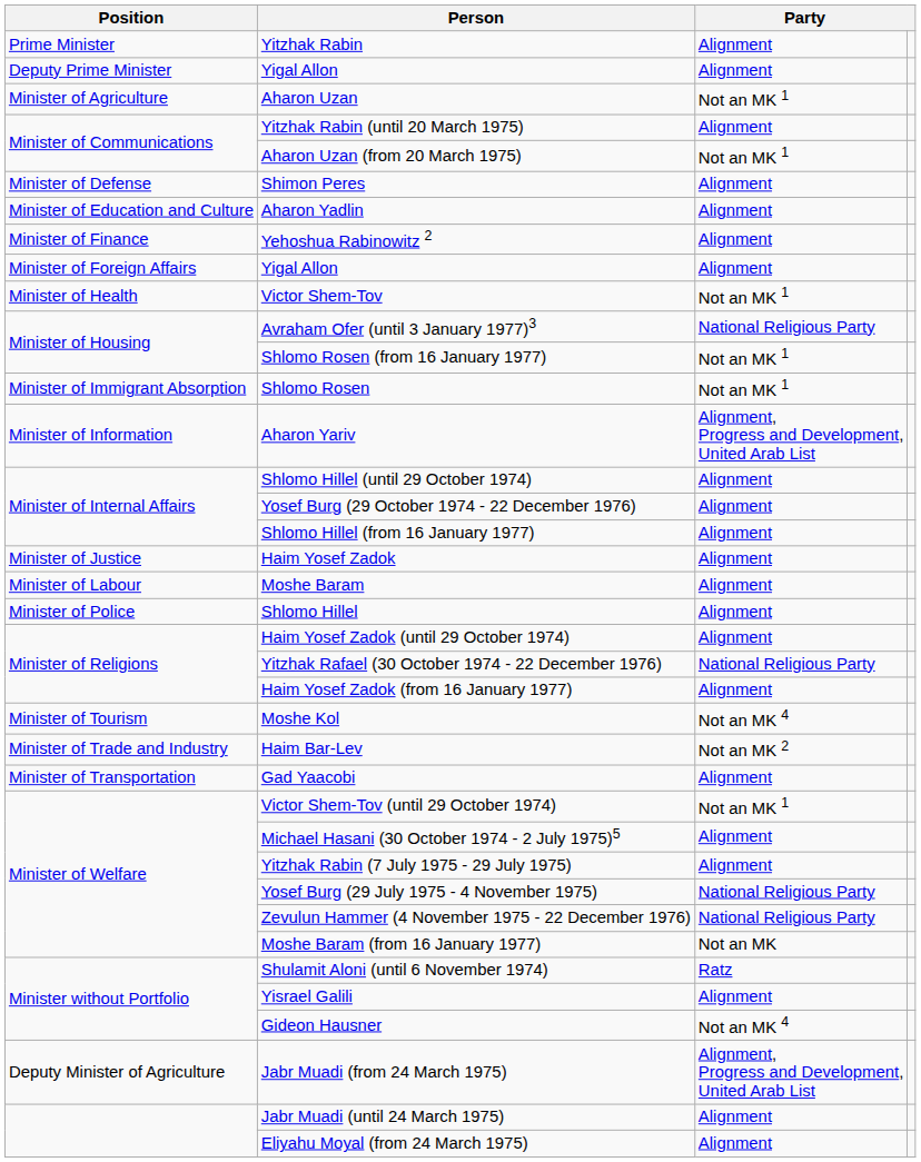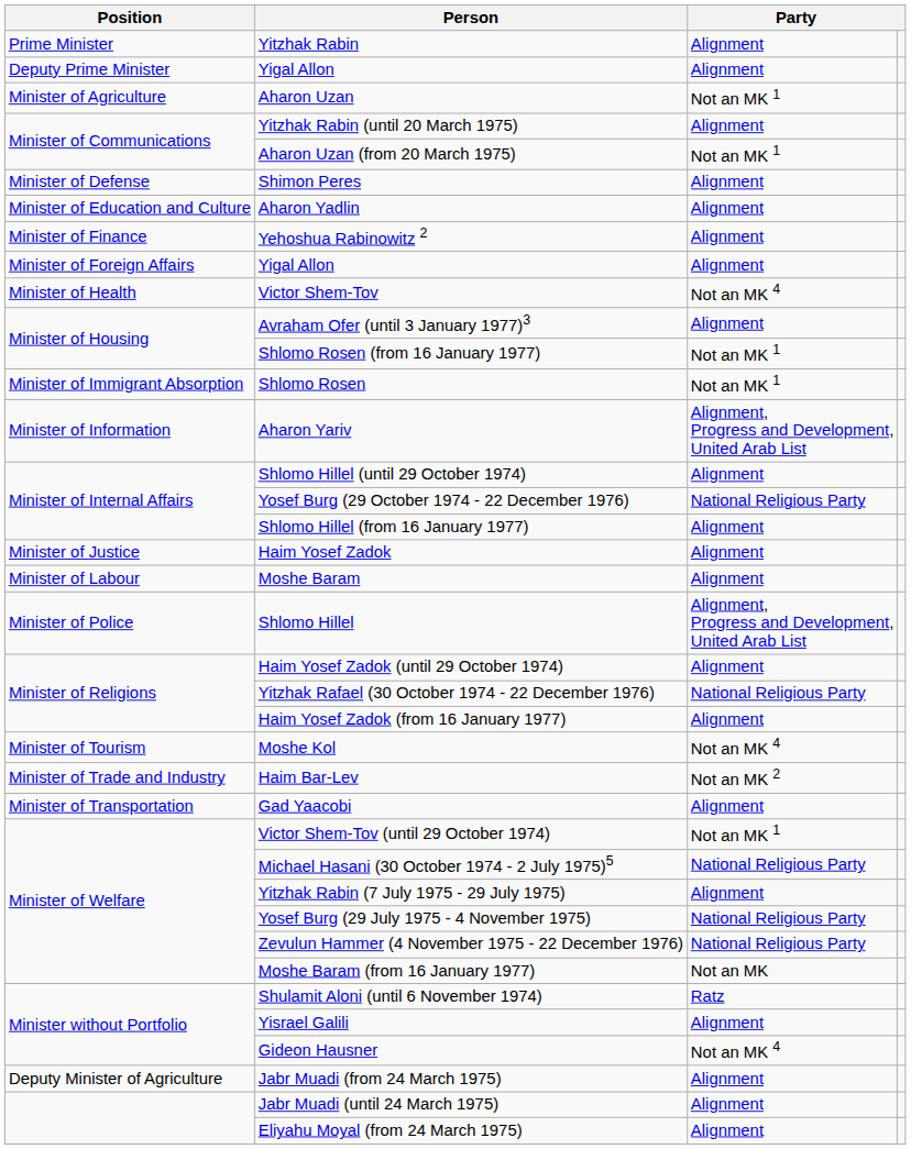 <table class=wikitable style="text-align:left">
 <tr>
 <th>Position</th>
 <th>Person</th>
 <th colspan=2>Party</th>
 </tr>
 <tr>
 <td><a href='#'>Prime Minister</a></td>
 <td><a href='#'>Yitzhak Rabin</a></td>
 <td><a href='#'>Alignment</a></td>
 <td style="background:"></td>
 </tr>
 <tr>
 <td><a href='#'>Deputy Prime Minister</a></td>
 <td><a href='#'>Yigal Allon</a></td>
 <td><a href='#'>Alignment</a></td>
 <td style="background:"></td>
 </tr>
 <tr>
 <td><a href='#'>Minister of Agriculture</a></td>
 <td><a href='#'>Aharon Uzan</a></td>
 <td>Not an MK <sup>1</sup></td>
 <td style="background:"></td>
 </tr>
 <tr>
 <td rowspan=2><a href='#'>Minister of Communications</a></td>
 <td><a href='#'>Yitzhak Rabin</a> (until 20 March 1975)</td>
 <td><a href='#'>Alignment</a></td>
 <td style="background:"></td>
 </tr>
 <tr>
 <td><a href='#'>Aharon Uzan</a> (from 20 March 1975)</td>
 <td>Not an MK <sup>1</sup></td>
 <td style="background:"></td>
 </tr>
 <tr>
 <td><a href='#'>Minister of Defense</a></td>
 <td><a href='#'>Shimon Peres</a></td>
 <td><a href='#'>Alignment</a></td>
 <td style="background:"></td>
 </tr>
 <tr>
 <td><a href='#'>Minister of Education and Culture</a></td>
 <td><a href='#'>Aharon Yadlin</a></td>
 <td><a href='#'>Alignment</a></td>
 <td style="background:"></td>
 </tr>
 <tr>
 <td><a href='#'>Minister of Finance</a></td>
 <td><a href='#'>Yehoshua Rabinowitz</a> <sup>2</sup></td>
 <td><a href='#'>Alignment</a></td>
 <td style="background:"></td>
 </tr>
 <tr>
 <td><a href='#'>Minister of Foreign Affairs</a></td>
 <td><a href='#'>Yigal Allon</a></td>
 <td><a href='#'>Alignment</a></td>
 <td style="background:"></td>
 </tr>
 <tr>
 <td><a href='#'>Minister of Health</a></td>
 <td><a href='#'>Victor Shem-Tov</a></td>
-<td>Not an MK <sup>1</sup></td>
+<td>Not an MK <sup>4</sup></td>
 <td style="background:"></td>
 </tr>
 <tr>
 <td rowspan=2><a href='#'>Minister of Housing</a></td>
 <td><a href='#'>Avraham Ofer</a> (until 3 January 1977)<sup>3</sup></td>
-<td><a href='#'>National Religious Party</a></td>
+<td><a href='#'>Alignment</a></td>
 <td style="background:"></td>
 </tr>
 <tr>
 <td><a href='#'>Shlomo Rosen</a> (from 16 January 1977)</td>
 <td>Not an MK <sup>1</sup></td>
 <td style="background:"></td>
 </tr>
 <tr>
 <td><a href='#'>Minister of Immigrant Absorption</a></td>
 <td><a href='#'>Shlomo Rosen</a></td>
 <td>Not an MK <sup>1</sup></td>
 <td style="background:"></td>
 </tr>
 <tr>
 <td><a href='#'>Minister of Information</a></td>
 <td><a href='#'>Aharon Yariv</a></td>
 <td><a href='#'>Alignment</a>,<br><a href='#'>Progress and Development</a>,<br><a href='#'>United Arab List</a></td>
 <td style="background:"></td>
 </tr>
 <tr>
 <td rowspan=3><a href='#'>Minister of Internal Affairs</a></td>
 <td><a href='#'>Shlomo Hillel</a> (until 29 October 1974)</td>
 <td><a href='#'>Alignment</a></td>
 <td style="background:"></td>
 </tr>
 <tr>
 <td><a href='#'>Yosef Burg</a> (29 October 1974 - 22 December 1976)</td>
-<td><a href='#'>Alignment</a></td>
+<td><a href='#'>National Religious Party</a></td>
 <td style="background:"></td>
 </tr>
 <tr>
 <td><a href='#'>Shlomo Hillel</a> (from 16 January 1977)</td>
 <td><a href='#'>Alignment</a></td>
 <td style="background:"></td>
 </tr>
 <tr>
 <td><a href='#'>Minister of Justice</a></td>
 <td><a href='#'>Haim Yosef Zadok</a></td>
 <td><a href='#'>Alignment</a></td>
 <td style="background:"></td>
 </tr>
 <tr>
 <td><a href='#'>Minister of Labour</a></td>
 <td><a href='#'>Moshe Baram</a></td>
 <td><a href='#'>Alignment</a></td>
 <td style="background:"></td>
 </tr>
 <tr>
 <td><a href='#'>Minister of Police</a></td>
 <td><a href='#'>Shlomo Hillel</a></td>
-<td><a href='#'>Alignment</a></td>
+<td><a href='#'>Alignment</a>,<br><a href='#'>Progress and Development</a>,<br><a href='#'>United Arab List</a></td>
 <td style="background:"></td>
 </tr>
 <tr>
 <td rowspan=3><a href='#'>Minister of Religions</a></td>
 <td><a href='#'>Haim Yosef Zadok</a> (until 29 October 1974)</td>
 <td><a href='#'>Alignment</a></td>
 <td style="background:"></td>
 </tr>
 <tr>
 <td><a href='#'>Yitzhak Rafael</a> (30 October 1974 - 22 December 1976)</td>
 <td><a href='#'>National Religious Party</a></td>
 <td style="background:"></td>
 </tr>
 <tr>
 <td><a href='#'>Haim Yosef Zadok</a> (from 16 January 1977)</td>
 <td><a href='#'>Alignment</a></td>
 <td style="background:"></td>
 </tr>
 <tr>
 <td><a href='#'>Minister of Tourism</a></td>
 <td><a href='#'>Moshe Kol</a></td>
 <td>Not an MK <sup>4</sup></td>
 <td style="background:"></td>
 </tr>
 <tr>
 <td><a href='#'>Minister of Trade and Industry</a></td>
 <td><a href='#'>Haim Bar-Lev</a></td>
 <td>Not an MK <sup>2</sup></td>
 <td style="background:"></td>
 </tr>
 <tr>
 <td><a href='#'>Minister of Transportation</a></td>
 <td><a href='#'>Gad Yaacobi</a></td>
 <td><a href='#'>Alignment</a></td>
 <td style="background:"></td>
 </tr>
 <tr>
 <td rowspan=6><a href='#'>Minister of Welfare</a></td>
 <td><a href='#'>Victor Shem-Tov</a> (until 29 October 1974)</td>
 <td>Not an MK <sup>1</sup></td>
 <td style="background:"></td>
 </tr>
 <tr>
 <td><a href='#'>Michael Hasani</a> (30 October 1974 - 2 July 1975)<sup>5</sup></td>
-<td><a href='#'>Alignment</a></td>
+<td><a href='#'>National Religious Party</a></td>
 <td style="background:"></td>
 </tr>
 <tr>
 <td><a href='#'>Yitzhak Rabin</a> (7 July 1975 - 29 July 1975)</td>
 <td><a href='#'>Alignment</a></td>
 <td style="background:"></td>
 </tr>
 <tr>
 <td><a href='#'>Yosef Burg</a> (29 July 1975 - 4 November 1975)</td>
 <td><a href='#'>National Religious Party</a></td>
 <td style="background:"></td>
 </tr>
 <tr>
 <td><a href='#'>Zevulun Hammer</a> (4 November 1975 - 22 December 1976)</td>
 <td><a href='#'>National Religious Party</a></td>
 <td style="background:"></td>
 </tr>
 <tr>
 <td><a href='#'>Moshe Baram</a> (from 16 January 1977)</td>
 <td>Not an MK</td>
 <td style="background:"></td>
 </tr>
 <tr>
 <td rowspan=3><a href='#'>Minister without Portfolio</a></td>
 <td><a href='#'>Shulamit Aloni</a> (until 6 November 1974)</td>
 <td><a href='#'>Ratz</a></td>
 <td style="background:"></td>
 </tr>
 <tr>
 <td><a href='#'>Yisrael Galili</a></td>
 <td><a href='#'>Alignment</a></td>
 <td style="background:"></td>
 </tr>
 <tr>
 <td><a href='#'>Gideon Hausner</a></td>
 <td>Not an MK <sup>4</sup></td>
 <td style="background:"></td>
 </tr>
 <tr>
 <td>Deputy Minister of Agriculture</td>
 <td><a href='#'>Jabr Muadi</a> (from 24 March 1975)</td>
-<td><a href='#'>Alignment</a>,<br><a href='#'>Progress and Development</a>,<br><a href='#'>United Arab List</a></td>
+<td><a href='#'>Alignment</a></td>
 <td style="background:"></td>
 </tr>
 <tr>
 <td rowspan=2></td>
 <td><a href='#'>Jabr Muadi</a> (until 24 March 1975)</td>
 <td><a href='#'>Alignment</a></td>
 <td style="background:"></td>
 </tr>
 <tr>
 <td><a href='#'>Eliyahu Moyal</a> (from 24 March 1975)</td>
 <td><a href='#'>Alignment</a></td>
 <td style="background:"></td>
 </tr>
 </table>
